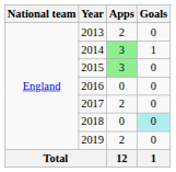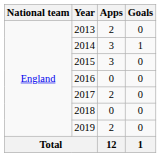 <table class="wikitable" style="text-align:center">
 <tr>
 <th>National team</th>
 <th>Year</th>
 <th>Apps</th>
 <th>Goals</th>
 </tr>
 <tr>
 <td rowspan="7"><a href='#'>England</a></td>
 <td>2013</td>
 <td>2</td>
 <td>0</td>
 </tr>
 <tr>
 <td>2014</td>
-<td style="background: lightgreen;">3</td>
+<td>3</td>
 <td>1</td>
 </tr>
 <tr>
 <td>2015</td>
-<td style="background: lightgreen;">3</td>
+<td>3</td>
 <td>0</td>
 </tr>
 <tr>
 <td>2016</td>
 <td>0</td>
 <td>0</td>
 </tr>
 <tr>
 <td>2017</td>
 <td>2</td>
 <td>0</td>
 </tr>
 <tr>
 <td>2018</td>
 <td>0</td>
-<td style="background: paleturquoise;">0</td>
+<td>0</td>
 </tr>
 <tr>
 <td>2019</td>
 <td>2</td>
 <td>0</td>
 </tr>
 <tr>
 <th colspan="2">Total</th>
 <th>12</th>
 <th>1</th>
 </tr>
 </table>
